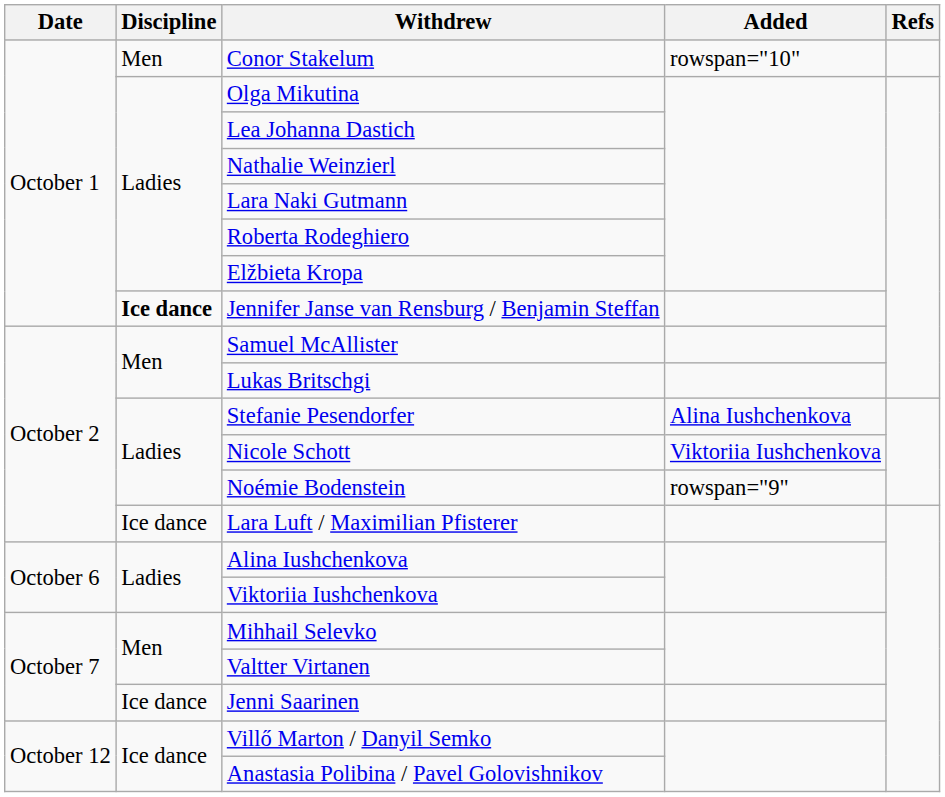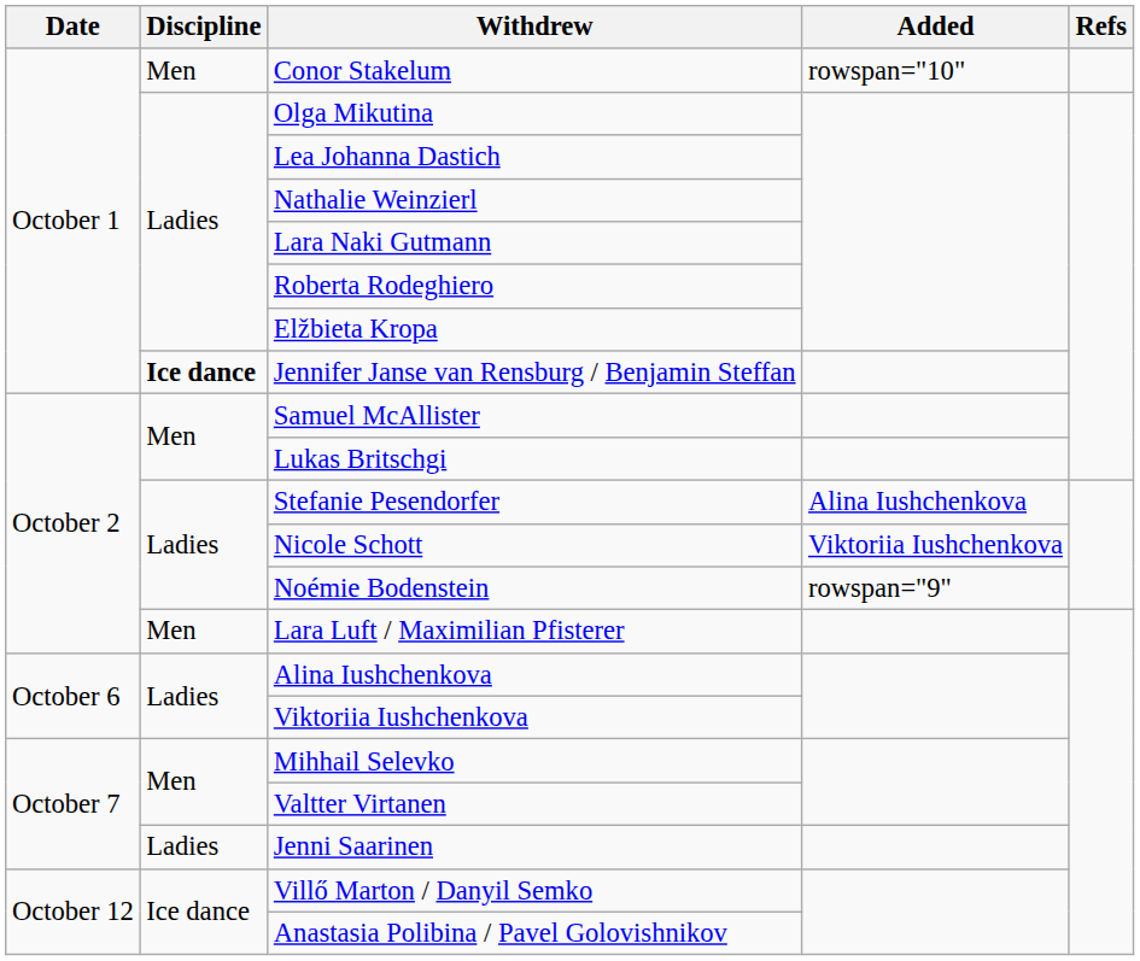 <table class="wikitable sortable">
 <tr>
 <th>Date</th>
 <th>Discipline</th>
 <th>Withdrew</th>
 <th>Added</th>
 <th>Refs</th>
 </tr>
 <tr>
 <td rowspan="8">October 1</td>
 <td>Men</td>
 <td> <a href='#'>Conor Stakelum</a></td>
 <td>rowspan="10" </td>
 <td></td>
 </tr>
 <tr>
 <td rowspan=6>Ladies</td>
 <td> <a href='#'>Olga Mikutina</a></td>
 <td rowspan=6></td>
 </tr>
 <tr>
 <td> <a href='#'>Lea Johanna Dastich</a></td>
 </tr>
 <tr>
 <td> <a href='#'>Nathalie Weinzierl</a></td>
 </tr>
 <tr>
 <td> <a href='#'>Lara Naki Gutmann</a></td>
 </tr>
 <tr>
 <td> <a href='#'>Roberta Rodeghiero</a></td>
 </tr>
 <tr>
 <td> <a href='#'>Elžbieta Kropa</a></td>
 </tr>
 <tr>
 <td><strong>Ice dance</strong></td>
 <td> <a href='#'>Jennifer Janse van Rensburg</a> / <a href='#'>Benjamin Steffan</a></td>
 <td></td>
 </tr>
 <tr>
 <td rowspan=6>October 2</td>
 <td rowspan=2>Men</td>
 <td> <a href='#'>Samuel McAllister</a></td>
 <td></td>
 </tr>
 <tr>
 <td> <a href='#'>Lukas Britschgi</a></td>
 <td></td>
 </tr>
 <tr>
 <td rowspan=3>Ladies</td>
 <td> <a href='#'>Stefanie Pesendorfer</a></td>
 <td> <a href='#'>Alina Iushchenkova</a></td>
 <td rowspan=3></td>
 </tr>
 <tr>
 <td> <a href='#'>Nicole Schott</a></td>
 <td> <a href='#'>Viktoriia Iushchenkova</a></td>
 </tr>
 <tr>
 <td> <a href='#'>Noémie Bodenstein</a></td>
 <td>rowspan="9" </td>
 </tr>
 <tr>
-<td>Ice dance</td>
+<td>Men</td>
 <td> <a href='#'>Lara Luft</a> / <a href='#'>Maximilian Pfisterer</a></td>
 <td></td>
 </tr>
 <tr>
 <td rowspan=2>October 6</td>
 <td rowspan=2>Ladies</td>
 <td> <a href='#'>Alina Iushchenkova</a></td>
 <td rowspan=2></td>
 </tr>
 <tr>
 <td> <a href='#'>Viktoriia Iushchenkova</a></td>
 </tr>
 <tr>
 <td rowspan=3>October 7</td>
 <td rowspan=2>Men</td>
 <td> <a href='#'>Mihhail Selevko</a></td>
 <td rowspan=2></td>
 </tr>
 <tr>
 <td> <a href='#'>Valtter Virtanen</a></td>
 </tr>
 <tr>
-<td>Ice dance</td>
+<td>Ladies</td>
 <td> <a href='#'>Jenni Saarinen</a></td>
 <td></td>
 </tr>
 <tr>
 <td rowspan=2>October 12</td>
 <td rowspan=2>Ice dance</td>
 <td> <a href='#'>Villő Marton</a> / <a href='#'>Danyil Semko</a></td>
 <td rowspan=2></td>
 </tr>
 <tr>
 <td> <a href='#'>Anastasia Polibina</a> / <a href='#'>Pavel Golovishnikov</a></td>
 </tr>
 </table>
